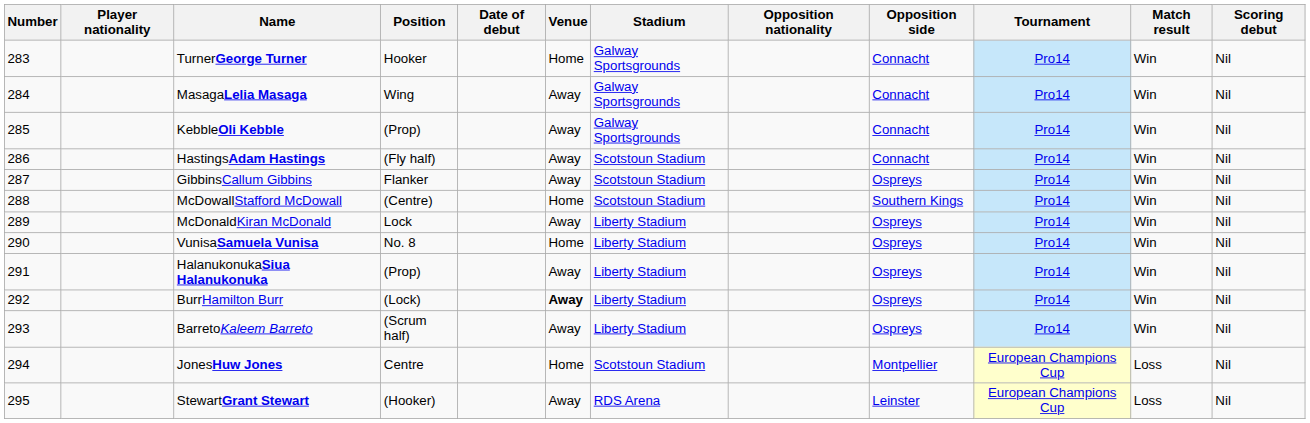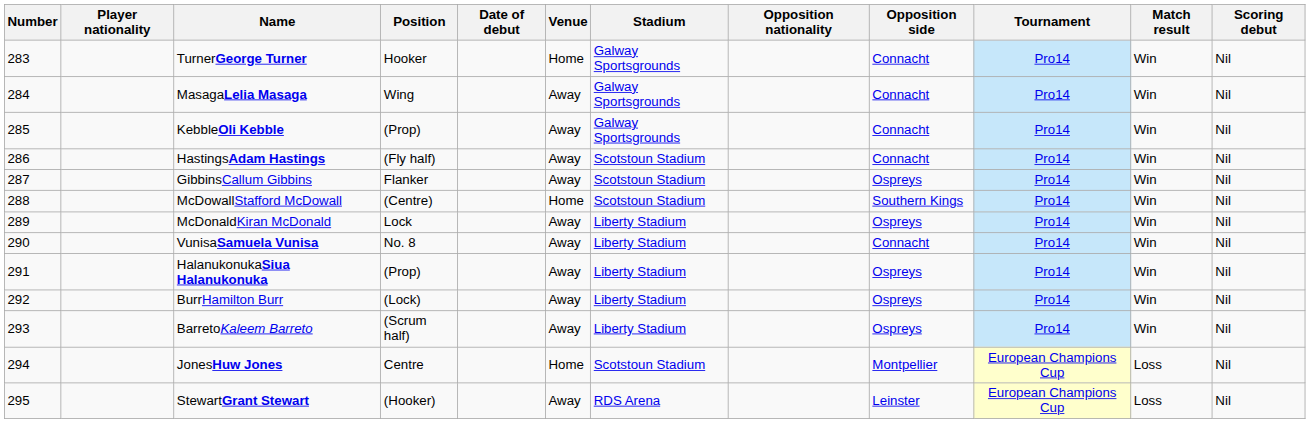 <table class="sortable wikitable">
 <tr>
 <th data-sort-type="number">Number</th>
 <th>Player nationality</th>
 <th>Name</th>
 <th>Position</th>
 <th>Date of debut</th>
 <th>Venue</th>
 <th>Stadium</th>
 <th>Opposition nationality</th>
 <th>Opposition side</th>
 <th>Tournament</th>
 <th>Match result</th>
 <th>Scoring debut</th>
 </tr>
 <tr>
 <td>283</td>
 <td style="text-align:center;"></td>
 <td><span>Turner</span><strong><a href='#'>George Turner</a></strong></td>
 <td>Hooker</td>
 <td></td>
 <td>Home</td>
 <td><a href='#'>Galway Sportsgrounds</a></td>
 <td style="text-align:center;"></td>
 <td><a href='#'>Connacht</a></td>
 <td style="text-align:center; background:#C6E7FA;"><a href='#'>Pro14</a></td>
 <td>Win</td>
 <td>Nil</td>
 </tr>
 <tr>
 <td>284</td>
 <td style="text-align:center;"></td>
 <td><span>Masaga</span><strong><a href='#'>Lelia Masaga</a></strong></td>
 <td>Wing</td>
 <td></td>
 <td>Away</td>
 <td><a href='#'>Galway Sportsgrounds</a></td>
 <td style="text-align:center;"></td>
 <td><a href='#'>Connacht</a></td>
 <td style="text-align:center; background:#C6E7FA;"><a href='#'>Pro14</a></td>
 <td>Win</td>
 <td>Nil</td>
 </tr>
 <tr>
 <td>285</td>
 <td style="text-align:center;"></td>
 <td><span>Kebble</span><strong><a href='#'>Oli Kebble</a></strong></td>
 <td>(Prop)</td>
 <td></td>
 <td>Away</td>
 <td><a href='#'>Galway Sportsgrounds</a></td>
 <td style="text-align:center;"></td>
 <td><a href='#'>Connacht</a></td>
 <td style="text-align:center; background:#C6E7FA;"><a href='#'>Pro14</a></td>
 <td>Win</td>
 <td>Nil</td>
 </tr>
 <tr>
 <td>286</td>
 <td style="text-align:center;"></td>
 <td><span>Hastings</span><strong><a href='#'>Adam Hastings</a></strong></td>
 <td>(Fly half)</td>
 <td></td>
 <td>Away</td>
 <td><a href='#'>Scotstoun Stadium</a></td>
 <td style="text-align:center;"></td>
 <td><a href='#'>Connacht</a></td>
 <td style="text-align:center; background:#C6E7FA;"><a href='#'>Pro14</a></td>
 <td>Win</td>
 <td>Nil</td>
 </tr>
 <tr>
 <td>287</td>
 <td style="text-align:center;"></td>
 <td><span>Gibbins</span><a href='#'>Callum Gibbins</a></td>
 <td>Flanker</td>
 <td></td>
 <td>Away</td>
 <td><a href='#'>Scotstoun Stadium</a></td>
 <td style="text-align:center;"></td>
 <td><a href='#'>Ospreys</a></td>
 <td style="text-align:center; background:#C6E7FA;"><a href='#'>Pro14</a></td>
 <td>Win</td>
 <td>Nil</td>
 </tr>
 <tr>
 <td>288</td>
 <td style="text-align:center;"></td>
 <td><span>McDowall</span><a href='#'>Stafford McDowall</a></td>
 <td>(Centre)</td>
 <td></td>
 <td>Home</td>
 <td><a href='#'>Scotstoun Stadium</a></td>
 <td style="text-align:center;"></td>
 <td><a href='#'>Southern Kings</a></td>
 <td style="text-align:center; background:#C6E7FA;"><a href='#'>Pro14</a></td>
 <td>Win</td>
 <td>Nil</td>
 </tr>
 <tr>
 <td>289</td>
 <td style="text-align:center;"></td>
 <td><span>McDonald</span><a href='#'>Kiran McDonald</a></td>
 <td>Lock</td>
 <td></td>
 <td>Away</td>
 <td><a href='#'>Liberty Stadium</a></td>
 <td style="text-align:center;"></td>
 <td><a href='#'>Ospreys</a></td>
 <td style="text-align:center; background:#C6E7FA;"><a href='#'>Pro14</a></td>
 <td>Win</td>
 <td>Nil</td>
 </tr>
 <tr>
 <td>290</td>
 <td style="text-align:center;"></td>
 <td><span>Vunisa</span><strong><a href='#'>Samuela Vunisa</a></strong></td>
 <td>No. 8</td>
 <td></td>
-<td>Home</td>
+<td>Away</td>
 <td><a href='#'>Liberty Stadium</a></td>
 <td style="text-align:center;"></td>
-<td><a href='#'>Ospreys</a></td>
+<td><a href='#'>Connacht</a></td>
 <td style="text-align:center; background:#C6E7FA;"><a href='#'>Pro14</a></td>
 <td>Win</td>
 <td>Nil</td>
 </tr>
 <tr>
 <td>291</td>
 <td style="text-align:center;"></td>
 <td><span>Halanukonuka</span><strong><a href='#'>Siua Halanukonuka</a></strong></td>
 <td>(Prop)</td>
 <td></td>
 <td>Away</td>
 <td><a href='#'>Liberty Stadium</a></td>
 <td style="text-align:center;"></td>
 <td><a href='#'>Ospreys</a></td>
 <td style="text-align:center; background:#C6E7FA;"><a href='#'>Pro14</a></td>
 <td>Win</td>
 <td>Nil</td>
 </tr>
 <tr>
 <td>292</td>
 <td style="text-align:center;"></td>
 <td><span>Burr</span><a href='#'>Hamilton Burr</a></td>
 <td>(Lock)</td>
 <td></td>
-<td><strong>Away</strong></td>
+<td>Away</td>
 <td><a href='#'>Liberty Stadium</a></td>
 <td style="text-align:center;"></td>
 <td><a href='#'>Ospreys</a></td>
 <td style="text-align:center; background:#C6E7FA;"><a href='#'>Pro14</a></td>
 <td>Win</td>
 <td>Nil</td>
 </tr>
 <tr>
 <td>293</td>
 <td style="text-align:center;"></td>
 <td><span>Barreto</span><em><a href='#'>Kaleem Barreto</a></em></td>
 <td>(Scrum half)</td>
 <td></td>
 <td>Away</td>
 <td><a href='#'>Liberty Stadium</a></td>
 <td style="text-align:center;"></td>
 <td><a href='#'>Ospreys</a></td>
 <td style="text-align:center; background:#C6E7FA;"><a href='#'>Pro14</a></td>
 <td>Win</td>
 <td>Nil</td>
 </tr>
 <tr>
 <td>294</td>
 <td style="text-align:center;"></td>
 <td><span>Jones</span><strong><a href='#'>Huw Jones</a></strong></td>
 <td>Centre</td>
 <td></td>
 <td>Home</td>
 <td><a href='#'>Scotstoun Stadium</a></td>
 <td style="text-align:center;"></td>
 <td><a href='#'>Montpellier</a></td>
 <td style="text-align:center;background:#ffffcc;"><a href='#'>European Champions Cup</a></td>
 <td>Loss</td>
 <td>Nil</td>
 </tr>
 <tr>
 <td>295</td>
 <td style="text-align:center;"></td>
 <td><span>Stewart</span><strong><a href='#'>Grant Stewart</a></strong></td>
 <td>(Hooker)</td>
 <td></td>
 <td>Away</td>
 <td><a href='#'>RDS Arena</a></td>
 <td style="text-align:center;"></td>
 <td><a href='#'>Leinster</a></td>
 <td style="text-align:center;background:#ffffcc;"><a href='#'>European Champions Cup</a></td>
 <td>Loss</td>
 <td>Nil</td>
 </tr>
 </table>
